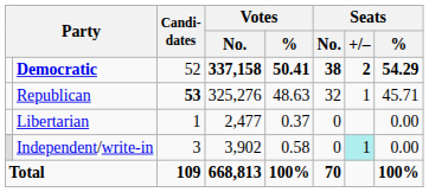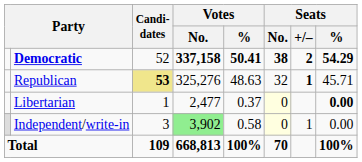 <table class="wikitable" style="font-size:100%; text-align:right;">
 <tr>
 <th colspan=2 rowspan=2>Party</th>
 <th rowspan=2><small>Candi-<br>dates</small></th>
 <th colspan=2>Votes</th>
 <th colspan=3>Seats</th>
 </tr>
 <tr>
 <th>No.</th>
 <th>%</th>
 <th>No.</th>
 <th>+/–</th>
 <th>%</th>
 </tr>
 <tr>
 <td style="background:"></td>
 <td align=left><strong><a href='#'>Democratic</a></strong></td>
 <td>52</td>
 <td><strong>337,158</strong></td>
 <td><strong>50.41</strong></td>
 <td><strong>38</strong></td>
 <td><strong>2</strong></td>
 <td><strong>54.29</strong></td>
 </tr>
 <tr>
 <td style="background:"></td>
 <td align=left><a href='#'>Republican</a></td>
-<td><strong>53</strong></td>
+<td style="background: khaki;"><strong>53</strong></td>
 <td>325,276</td>
 <td>48.63</td>
 <td>32</td>
-<td>1</td>
+<td><strong>1</strong></td>
 <td>45.71</td>
 </tr>
 <tr>
 <td style="background:"></td>
 <td align=left><a href='#'>Libertarian</a></td>
 <td>1</td>
 <td>2,477</td>
 <td>0.37</td>
-<td>0</td>
+<td style="background: lightyellow;">0</td>
 <td></td>
-<td>0.00</td>
+<td><strong>0.00</strong></td>
 </tr>
 <tr>
 <td style="background:#ddd;"></td>
 <td align=left><a href='#'>Independent</a>/<a href='#'>write-in</a></td>
 <td>3</td>
-<td>3,902</td>
+<td style="background: lightgreen;">3,902</td>
 <td>0.58</td>
-<td>0</td>
-<td style="background: paleturquoise;">1</td>
+<td style="background: lightyellow;">0</td>
+<td>1</td>
 <td>0.00</td>
 </tr>
 <tr style="font-weight:bold">
 <td colspan=2 align=left>Total</td>
 <td>109</td>
 <td>668,813</td>
 <td>100%</td>
 <td>70</td>
 <td></td>
 <td>100%</td>
 </tr>
 </table>
